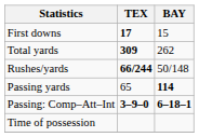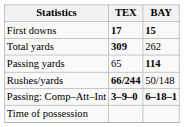 <table class="wikitable" style="float: left;">
 <tr>
 <th>Statistics</th>
 <th>TEX</th>
 <th>BAY</th>
 </tr>
 <tr>
 <td>First downs</td>
 <td><strong>17</strong></td>
-<td>15</td>
+<td><strong>15</strong></td>
 </tr>
 <tr>
 <td>Total yards</td>
 <td><strong>309</strong></td>
 <td>262</td>
 </tr>
 <tr>
+<td>Passing yards</td>
+<td>65</td>
+<td><strong>114</strong></td>
+</tr>
+<tr>
 <td>Rushes/yards</td>
 <td><strong>66/244</strong></td>
 <td>50/148</td>
-</tr>
-<tr>
-<td>Passing yards</td>
-<td>65</td>
-<td><strong>114</strong></td>
 </tr>
 <tr>
 <td>Passing: Comp–Att–Int</td>
 <td><strong>3–9–0</strong></td>
 <td><strong>6–18–1</strong></td>
 </tr>
 <tr>
 <td>Time of possession</td>
 <td></td>
 <td></td>
 </tr>
 <tr>
 </tr>
 </table>
